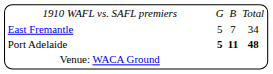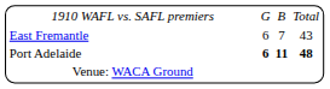 <table style="margin-right:4px; margin-top:8px; float:right; border:1px #000 solid; border-radius:8px; background:#fff; font-family:Verdana; font-size:8pt; text-align:center;">
 <tr>
 <td width=200><em>1910 WAFL vs. SAFL premiers</em></td>
 <td><em>G</em></td>
 <td><em>B</em></td>
 <td><em>Total</em></td>
 </tr>
 <tr>
 <td style="text-align:left"><a href='#'>East Fremantle</a></td>
-<td>5</td>
+<td>6</td>
 <td>7</td>
-<td>34</td>
+<td>43</td>
 </tr>
 <tr>
 <td style="text-align:left">Port Adelaide</td>
-<td><strong>5</strong></td>
+<td><strong>6</strong></td>
 <td><strong>11</strong></td>
 <td><strong>48</strong></td>
 </tr>
 <tr>
 <td>Venue: <a href='#'>WACA Ground</a></td>
 <td colspan=3></td>
 </tr>
 </table>
